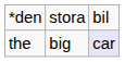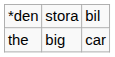 <table class="wikitable" border="1">
 <tr>
 <td>*den</td>
 <td>stora</td>
 <td>bil</td>
 </tr>
 <tr>
 <td>the</td>
 <td>big</td>
-<td style="background: lavender;">car </td>
+<td>car </td>
 </tr>
 </table>
